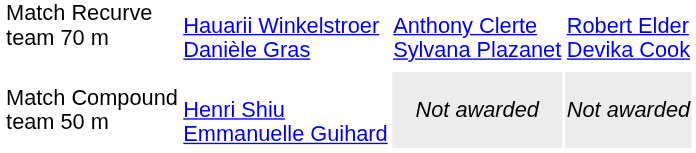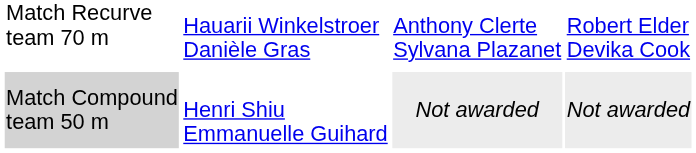 <table>
 <tr>
 <td>Match Recurve<br>team 70 m </td>
 <td colspan=2> <br><a href='#'>Hauarii Winkelstroer</a> <br><a href='#'>Danièle Gras</a></td>
 <td colspan=2> <br><a href='#'>Anthony Clerte</a><br><a href='#'>Sylvana Plazanet</a></td>
 <td colspan=2> <br><a href='#'>Robert Elder</a><br><a href='#'>Devika Cook</a></td>
 </tr>
 <tr>
 <td></td>
 </tr>
 <tr>
-<td>Match Compound<br>team 50 m </td>
+<td style="background: lightgrey;">Match Compound<br>team 50 m </td>
 <td colspan=2> <br><a href='#'>Henri Shiu</a><br><a href='#'>Emmanuelle Guihard</a></td>
 <td colspan=2 align=center style="background-color:#ececec;"><em>Not awarded</em></td>
 <td colspan=2 align=center style="background-color:#ececec;"><em>Not awarded</em></td>
 </tr>
 </table>
